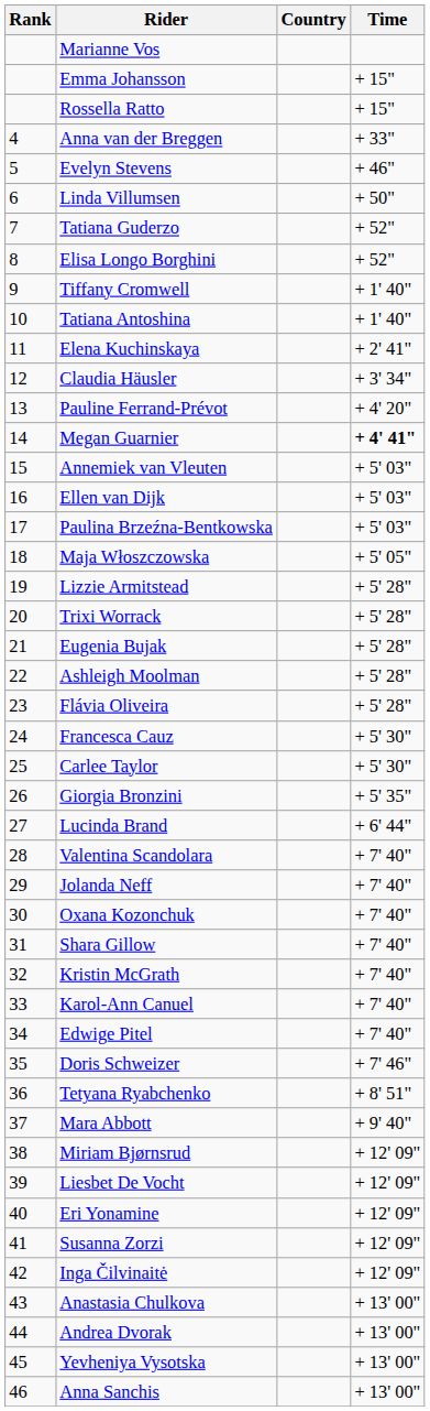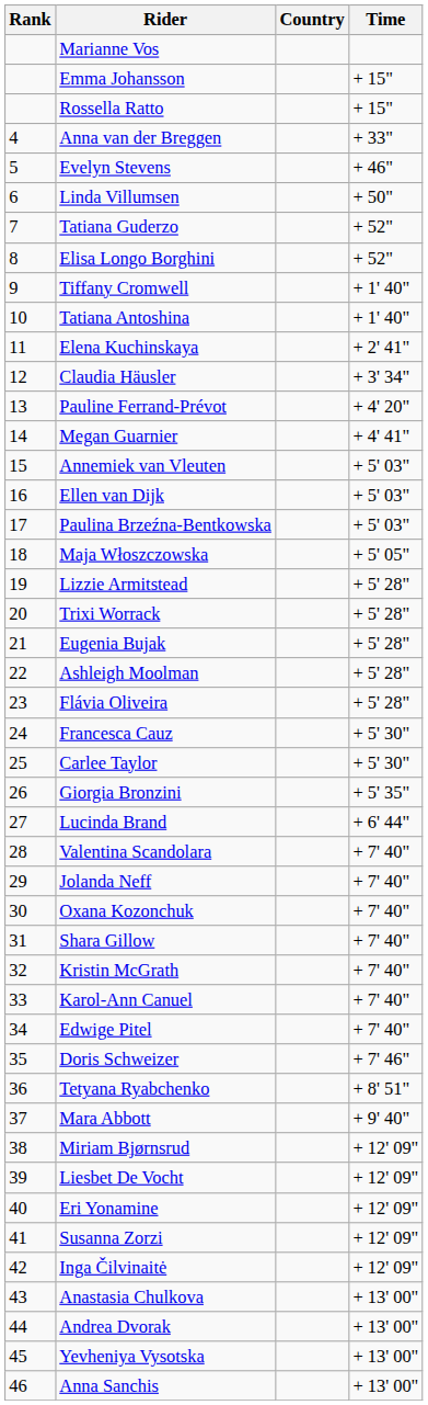 <table class="wikitable" style="font-size:95%; text-align:left;">
 <tr>
 <th>Rank</th>
 <th>Rider</th>
 <th>Country</th>
 <th>Time</th>
 </tr>
 <tr>
 <td></td>
 <td><a href='#'>Marianne Vos</a></td>
 <td></td>
 <td></td>
 </tr>
 <tr>
 <td></td>
 <td><a href='#'>Emma Johansson</a></td>
 <td></td>
 <td>+ 15"</td>
 </tr>
 <tr>
 <td></td>
 <td><a href='#'>Rossella Ratto</a></td>
 <td></td>
 <td>+ 15"</td>
 </tr>
 <tr>
 <td>4</td>
 <td><a href='#'>Anna van der Breggen</a></td>
 <td></td>
 <td>+ 33"</td>
 </tr>
 <tr>
 <td>5</td>
 <td><a href='#'>Evelyn Stevens</a></td>
 <td></td>
 <td>+ 46"</td>
 </tr>
 <tr>
 <td>6</td>
 <td><a href='#'>Linda Villumsen</a></td>
 <td></td>
 <td>+ 50"</td>
 </tr>
 <tr>
 <td>7</td>
 <td><a href='#'>Tatiana Guderzo</a></td>
 <td></td>
 <td>+ 52"</td>
 </tr>
 <tr>
 <td>8</td>
 <td><a href='#'>Elisa Longo Borghini</a></td>
 <td></td>
 <td>+ 52"</td>
 </tr>
 <tr>
 <td>9</td>
 <td><a href='#'>Tiffany Cromwell</a></td>
 <td></td>
 <td>+ 1' 40"</td>
 </tr>
 <tr>
 <td>10</td>
 <td><a href='#'>Tatiana Antoshina</a></td>
 <td></td>
 <td>+ 1' 40"</td>
 </tr>
 <tr>
 <td>11</td>
 <td><a href='#'>Elena Kuchinskaya</a></td>
 <td></td>
 <td>+ 2' 41"</td>
 </tr>
 <tr>
 <td>12</td>
 <td><a href='#'>Claudia Häusler</a></td>
 <td></td>
 <td>+ 3' 34"</td>
 </tr>
 <tr>
 <td>13</td>
 <td><a href='#'>Pauline Ferrand-Prévot</a></td>
 <td></td>
 <td>+ 4' 20"</td>
 </tr>
 <tr>
 <td>14</td>
 <td><a href='#'>Megan Guarnier</a></td>
 <td></td>
-<td><strong>+ 4' 41"</strong></td>
+<td>+ 4' 41"</td>
 </tr>
 <tr>
 <td>15</td>
 <td><a href='#'>Annemiek van Vleuten</a></td>
 <td></td>
 <td>+ 5' 03"</td>
 </tr>
 <tr>
 <td>16</td>
 <td><a href='#'>Ellen van Dijk</a></td>
 <td></td>
 <td>+ 5' 03"</td>
 </tr>
 <tr>
 <td>17</td>
 <td><a href='#'>Paulina Brzeźna-Bentkowska</a></td>
 <td></td>
 <td>+ 5' 03"</td>
 </tr>
 <tr>
 <td>18</td>
 <td><a href='#'>Maja Włoszczowska</a></td>
 <td></td>
 <td>+ 5' 05"</td>
 </tr>
 <tr>
 <td>19</td>
 <td><a href='#'>Lizzie Armitstead</a></td>
 <td></td>
 <td>+ 5' 28"</td>
 </tr>
 <tr>
 <td>20</td>
 <td><a href='#'>Trixi Worrack</a></td>
 <td></td>
 <td>+ 5' 28"</td>
 </tr>
 <tr>
 <td>21</td>
 <td><a href='#'>Eugenia Bujak</a></td>
 <td></td>
 <td>+ 5' 28"</td>
 </tr>
 <tr>
 <td>22</td>
 <td><a href='#'>Ashleigh Moolman</a></td>
 <td></td>
 <td>+ 5' 28"</td>
 </tr>
 <tr>
 <td>23</td>
 <td><a href='#'>Flávia Oliveira</a></td>
 <td></td>
 <td>+ 5' 28"</td>
 </tr>
 <tr>
 <td>24</td>
 <td><a href='#'>Francesca Cauz</a></td>
 <td></td>
 <td>+ 5' 30"</td>
 </tr>
 <tr>
 <td>25</td>
 <td><a href='#'>Carlee Taylor</a></td>
 <td></td>
 <td>+ 5' 30"</td>
 </tr>
 <tr>
 <td>26</td>
 <td><a href='#'>Giorgia Bronzini</a></td>
 <td></td>
 <td>+ 5' 35"</td>
 </tr>
 <tr>
 <td>27</td>
 <td><a href='#'>Lucinda Brand</a></td>
 <td></td>
 <td>+ 6' 44"</td>
 </tr>
 <tr>
 <td>28</td>
 <td><a href='#'>Valentina Scandolara</a></td>
 <td></td>
 <td>+ 7' 40"</td>
 </tr>
 <tr>
 <td>29</td>
 <td><a href='#'>Jolanda Neff</a></td>
 <td></td>
 <td>+ 7' 40"</td>
 </tr>
 <tr>
 <td>30</td>
 <td><a href='#'>Oxana Kozonchuk</a></td>
 <td></td>
 <td>+ 7' 40"</td>
 </tr>
 <tr>
 <td>31</td>
 <td><a href='#'>Shara Gillow</a></td>
 <td></td>
 <td>+ 7' 40"</td>
 </tr>
 <tr>
 <td>32</td>
 <td><a href='#'>Kristin McGrath</a></td>
 <td></td>
 <td>+ 7' 40"</td>
 </tr>
 <tr>
 <td>33</td>
 <td><a href='#'>Karol-Ann Canuel</a></td>
 <td></td>
 <td>+ 7' 40"</td>
 </tr>
 <tr>
 <td>34</td>
 <td><a href='#'>Edwige Pitel</a></td>
 <td></td>
 <td>+ 7' 40"</td>
 </tr>
 <tr>
 <td>35</td>
 <td><a href='#'>Doris Schweizer</a></td>
 <td></td>
 <td>+ 7' 46"</td>
 </tr>
 <tr>
 <td>36</td>
 <td><a href='#'>Tetyana Ryabchenko</a></td>
 <td></td>
 <td>+ 8' 51"</td>
 </tr>
 <tr>
 <td>37</td>
 <td><a href='#'>Mara Abbott</a></td>
 <td></td>
 <td>+ 9' 40"</td>
 </tr>
 <tr>
 <td>38</td>
 <td><a href='#'>Miriam Bjørnsrud</a></td>
 <td></td>
 <td>+ 12' 09"</td>
 </tr>
 <tr>
 <td>39</td>
 <td><a href='#'>Liesbet De Vocht</a></td>
 <td></td>
 <td>+ 12' 09"</td>
 </tr>
 <tr>
 <td>40</td>
 <td><a href='#'>Eri Yonamine</a></td>
 <td></td>
 <td>+ 12' 09"</td>
 </tr>
 <tr>
 <td>41</td>
 <td><a href='#'>Susanna Zorzi</a></td>
 <td></td>
 <td>+ 12' 09"</td>
 </tr>
 <tr>
 <td>42</td>
 <td><a href='#'>Inga Čilvinaitė</a></td>
 <td></td>
 <td>+ 12' 09"</td>
 </tr>
 <tr>
 <td>43</td>
 <td><a href='#'>Anastasia Chulkova</a></td>
 <td></td>
 <td>+ 13' 00"</td>
 </tr>
 <tr>
 <td>44</td>
 <td><a href='#'>Andrea Dvorak</a></td>
 <td></td>
 <td>+ 13' 00"</td>
 </tr>
 <tr>
 <td>45</td>
 <td><a href='#'>Yevheniya Vysotska</a></td>
 <td></td>
 <td>+ 13' 00"</td>
 </tr>
 <tr>
 <td>46</td>
 <td><a href='#'>Anna Sanchis</a></td>
 <td></td>
 <td>+ 13' 00"</td>
 </tr>
 </table>
